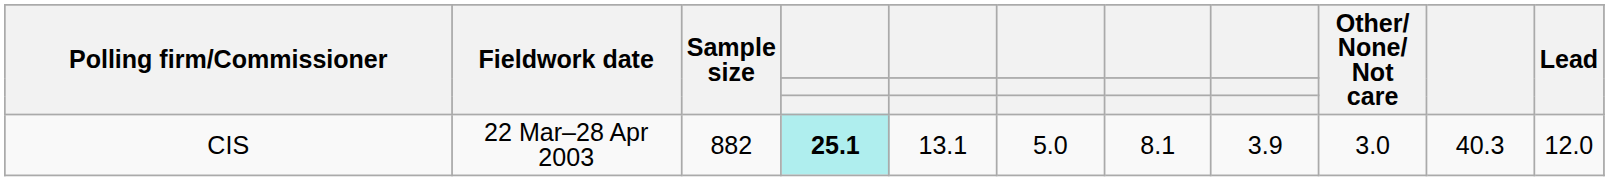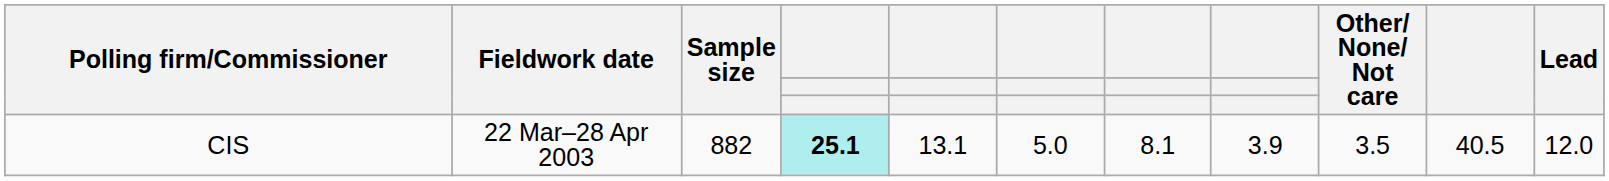 <table class="wikitable collapsible collapsed" style="text-align:center; font-size:90%; line-height:14px;">
 <tr style="height:42px;">
 <th style="width:250px;" rowspan="3">Polling firm/Commissioner</th>
 <th style="width:125px;" rowspan="3">Fieldwork date</th>
 <th style="width:50px;" rowspan="3">Sample size</th>
 <th style="width:55px;"></th>
 <th style="width:55px;"></th>
 <th style="width:55px;"></th>
 <th style="width:55px;"></th>
 <th style="width:55px;"></th>
 <th style="width:55px;" rowspan="3">Other/<br>None/<br>Not<br>care</th>
 <th style="width:55px;" rowspan="3"></th>
 <th style="width:30px;" rowspan="3">Lead</th>
 </tr>
 <tr>
 <th style="color:inherit;background:"></th>
 <th style="color:inherit;background:"></th>
 <th style="color:inherit;background:"></th>
 <th style="color:inherit;background:"></th>
 <th style="color:inherit;background:"></th>
 </tr>
 <tr>
 <th></th>
 <th></th>
 <th></th>
 <th></th>
 <th></th>
 </tr>
 <tr>
 <td>CIS</td>
 <td>22 Mar–28 Apr 2003</td>
 <td>882</td>
 <td style="background: paleturquoise;"><strong>25.1</strong></td>
 <td>13.1</td>
 <td>5.0</td>
 <td>8.1</td>
 <td>3.9</td>
-<td>3.0</td>
-<td>40.3</td>
+<td>3.5</td>
+<td>40.5</td>
 <td style="background:">12.0</td>
 </tr>
 </table>
